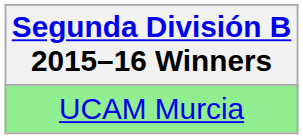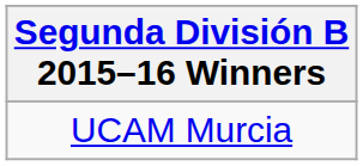 <table class="wikitable" style="text-align: center; margin: 0 auto;">
 <tr>
 <th><a href='#'>Segunda División B</a><br>2015–16 Winners</th>
 </tr>
 <tr>
-<td style="background: lightgreen;"><a href='#'>UCAM Murcia</a></td>
+<td><a href='#'>UCAM Murcia</a></td>
 </tr>
 </table>
